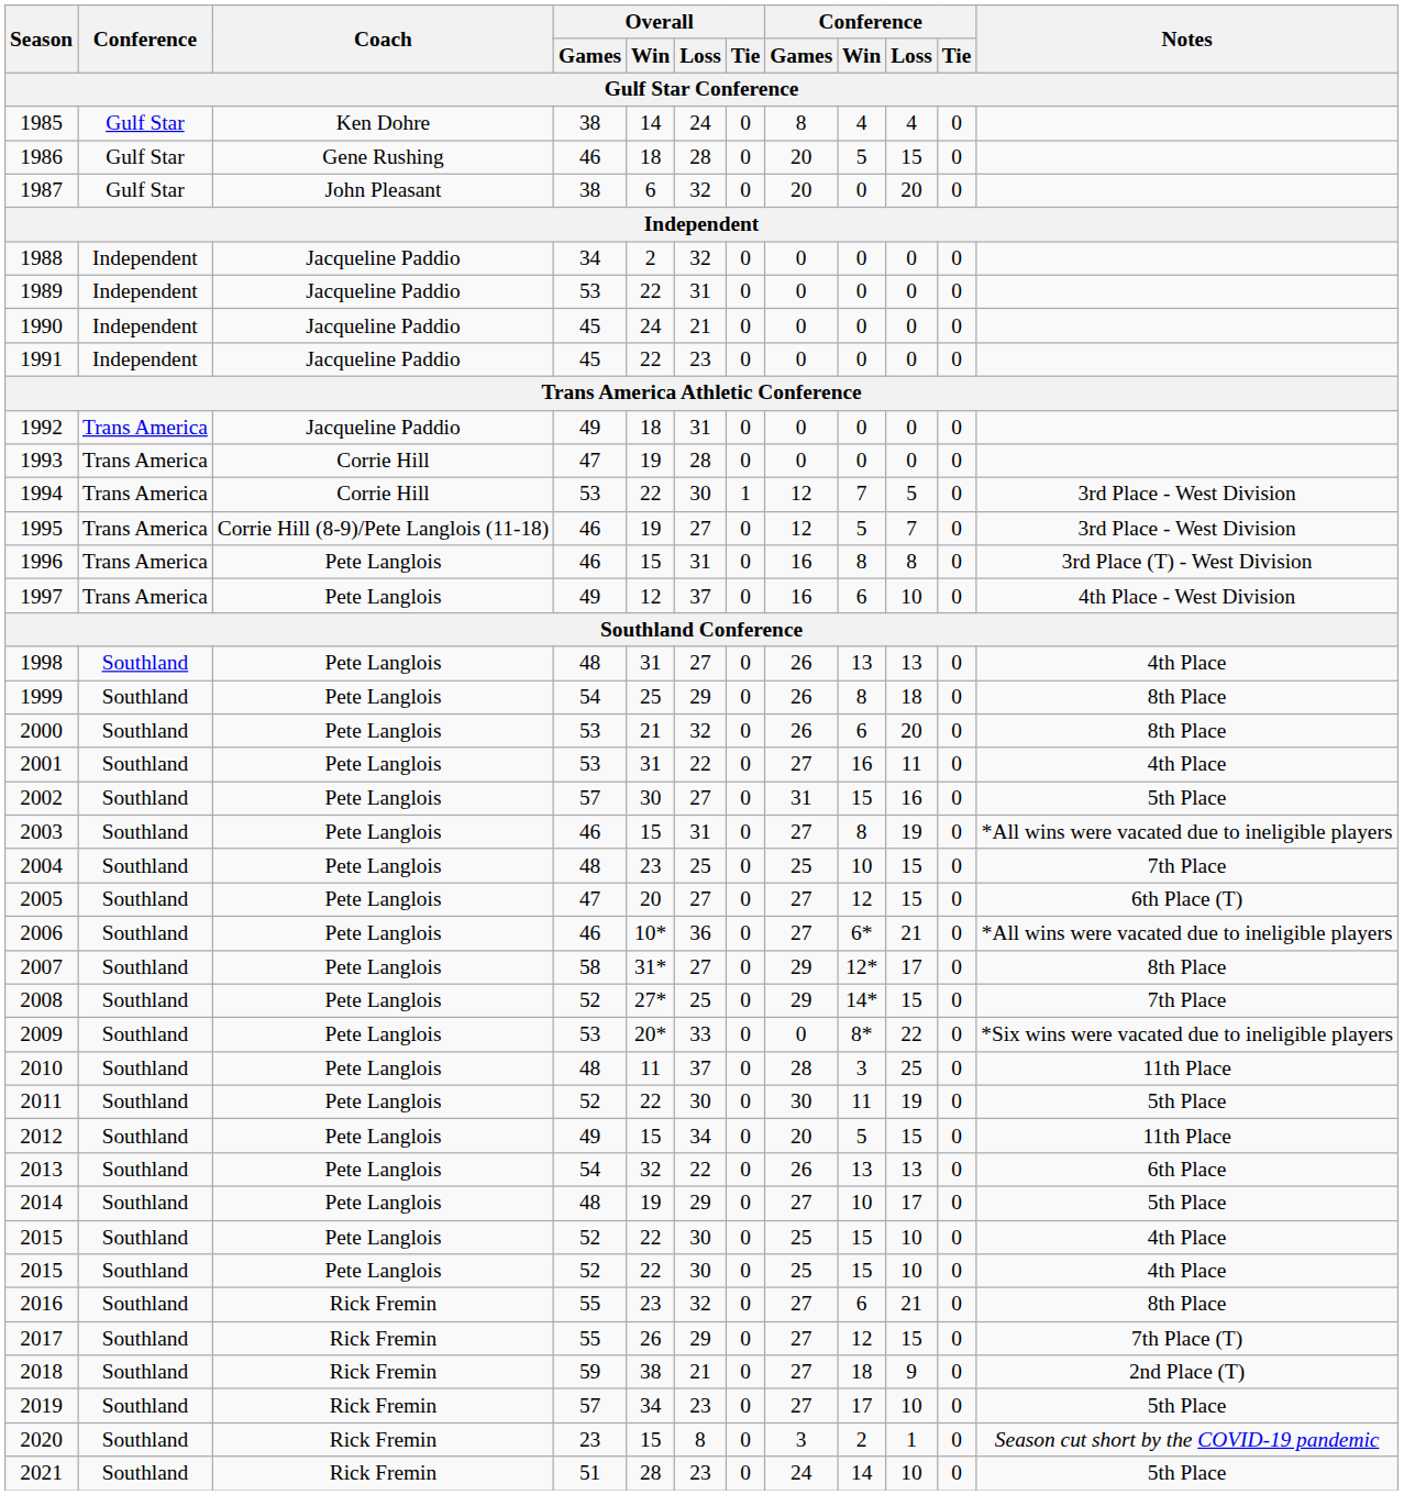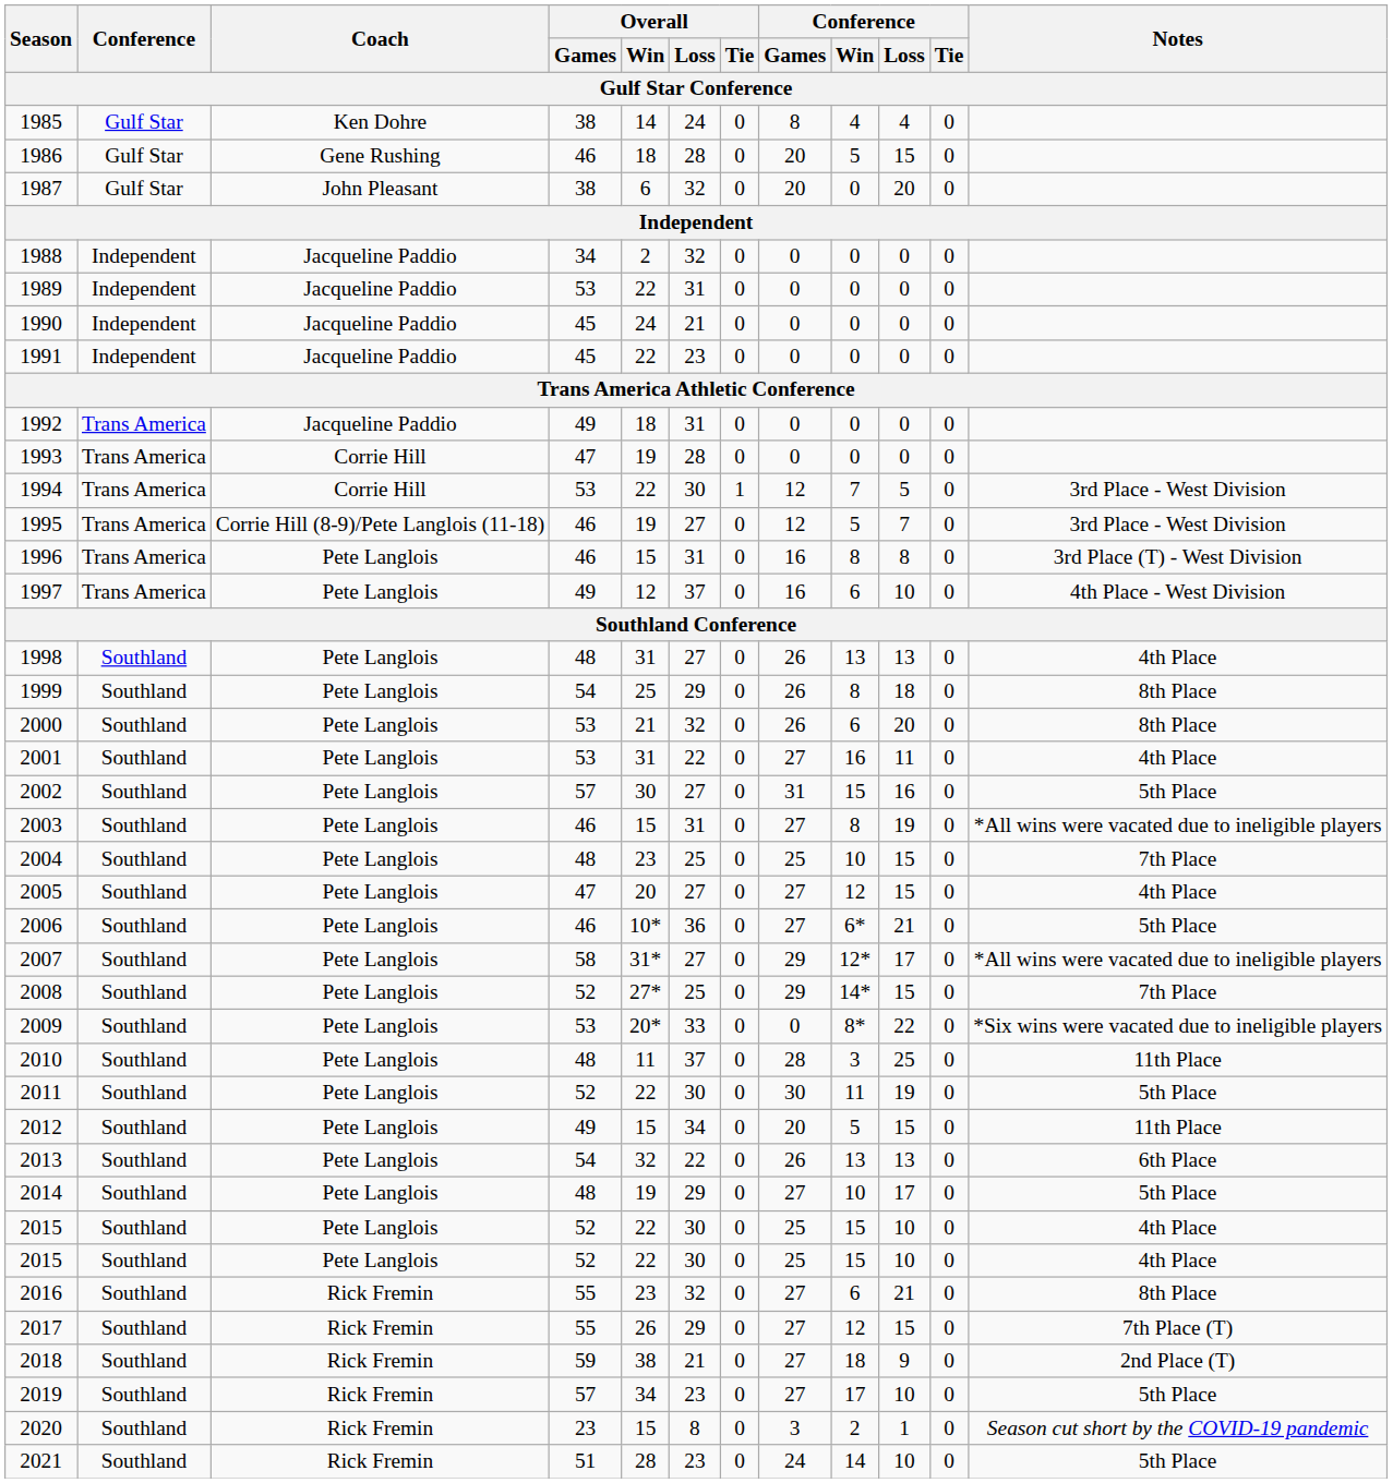 <table class="wikitable" style="text-align: center;">
 <tr>
 <th rowspan=2>Season</th>
 <th rowspan=2>Conference</th>
 <th rowspan=2>Coach</th>
 <th colspan="4">Overall</th>
 <th colspan="4">Conference</th>
 <th rowspan=2>Notes</th>
 </tr>
 <tr>
 <th>Games</th>
 <th>Win</th>
 <th>Loss</th>
 <th>Tie</th>
 <th>Games</th>
 <th>Win</th>
 <th>Loss</th>
 <th>Tie</th>
 </tr>
 <tr>
 <th colspan=12>Gulf Star Conference</th>
 </tr>
 <tr>
 <td>1985</td>
 <td><a href='#'>Gulf Star</a></td>
 <td>Ken Dohre</td>
 <td>38</td>
 <td>14</td>
 <td>24</td>
 <td>0</td>
 <td>8</td>
 <td>4</td>
 <td>4</td>
 <td>0</td>
 <td></td>
 </tr>
 <tr>
 <td>1986</td>
 <td>Gulf Star</td>
 <td>Gene Rushing</td>
 <td>46</td>
 <td>18</td>
 <td>28</td>
 <td>0</td>
 <td>20</td>
 <td>5</td>
 <td>15</td>
 <td>0</td>
 <td></td>
 </tr>
 <tr>
 <td>1987</td>
 <td>Gulf Star</td>
 <td>John Pleasant</td>
 <td>38</td>
 <td>6</td>
 <td>32</td>
 <td>0</td>
 <td>20</td>
 <td>0</td>
 <td>20</td>
 <td>0</td>
 <td></td>
 </tr>
 <tr>
 <th colspan=12>Independent</th>
 </tr>
 <tr>
 <td>1988</td>
 <td>Independent</td>
 <td>Jacqueline Paddio</td>
 <td>34</td>
 <td>2</td>
 <td>32</td>
 <td>0</td>
 <td>0</td>
 <td>0</td>
 <td>0</td>
 <td>0</td>
 <td></td>
 </tr>
 <tr>
 <td>1989</td>
 <td>Independent</td>
 <td>Jacqueline Paddio</td>
 <td>53</td>
 <td>22</td>
 <td>31</td>
 <td>0</td>
 <td>0</td>
 <td>0</td>
 <td>0</td>
 <td>0</td>
 <td></td>
 </tr>
 <tr>
 <td>1990</td>
 <td>Independent</td>
 <td>Jacqueline Paddio</td>
 <td>45</td>
 <td>24</td>
 <td>21</td>
 <td>0</td>
 <td>0</td>
 <td>0</td>
 <td>0</td>
 <td>0</td>
 <td></td>
 </tr>
 <tr>
 <td>1991</td>
 <td>Independent</td>
 <td>Jacqueline Paddio</td>
 <td>45</td>
 <td>22</td>
 <td>23</td>
 <td>0</td>
 <td>0</td>
 <td>0</td>
 <td>0</td>
 <td>0</td>
 <td></td>
 </tr>
 <tr>
 <th colspan=12>Trans America Athletic Conference</th>
 </tr>
 <tr>
 <td>1992</td>
 <td><a href='#'>Trans America</a></td>
 <td>Jacqueline Paddio</td>
 <td>49</td>
 <td>18</td>
 <td>31</td>
 <td>0</td>
 <td>0</td>
 <td>0</td>
 <td>0</td>
 <td>0</td>
 <td></td>
 </tr>
 <tr>
 <td>1993</td>
 <td>Trans America</td>
 <td>Corrie Hill</td>
 <td>47</td>
 <td>19</td>
 <td>28</td>
 <td>0</td>
 <td>0</td>
 <td>0</td>
 <td>0</td>
 <td>0</td>
 <td></td>
 </tr>
 <tr>
 <td>1994</td>
 <td>Trans America</td>
 <td>Corrie Hill</td>
 <td>53</td>
 <td>22</td>
 <td>30</td>
 <td>1</td>
 <td>12</td>
 <td>7</td>
 <td>5</td>
 <td>0</td>
 <td>3rd Place - West Division</td>
 </tr>
 <tr>
 <td>1995</td>
 <td>Trans America</td>
 <td>Corrie Hill (8-9)/Pete Langlois (11-18)</td>
 <td>46</td>
 <td>19</td>
 <td>27</td>
 <td>0</td>
 <td>12</td>
 <td>5</td>
 <td>7</td>
 <td>0</td>
 <td>3rd Place - West Division</td>
 </tr>
 <tr>
 <td>1996</td>
 <td>Trans America</td>
 <td>Pete Langlois</td>
 <td>46</td>
 <td>15</td>
 <td>31</td>
 <td>0</td>
 <td>16</td>
 <td>8</td>
 <td>8</td>
 <td>0</td>
 <td>3rd Place (T) - West Division</td>
 </tr>
 <tr>
 <td>1997</td>
 <td>Trans America</td>
 <td>Pete Langlois</td>
 <td>49</td>
 <td>12</td>
 <td>37</td>
 <td>0</td>
 <td>16</td>
 <td>6</td>
 <td>10</td>
 <td>0</td>
 <td>4th Place - West Division</td>
 </tr>
 <tr>
 <th colspan=12>Southland Conference</th>
 </tr>
 <tr>
 <td>1998</td>
 <td><a href='#'>Southland</a></td>
 <td>Pete Langlois</td>
 <td>48</td>
 <td>31</td>
 <td>27</td>
 <td>0</td>
 <td>26</td>
 <td>13</td>
 <td>13</td>
 <td>0</td>
 <td>4th Place</td>
 </tr>
 <tr>
 <td>1999</td>
 <td>Southland</td>
 <td>Pete Langlois</td>
 <td>54</td>
 <td>25</td>
 <td>29</td>
 <td>0</td>
 <td>26</td>
 <td>8</td>
 <td>18</td>
 <td>0</td>
 <td>8th Place</td>
 </tr>
 <tr>
 <td>2000</td>
 <td>Southland</td>
 <td>Pete Langlois</td>
 <td>53</td>
 <td>21</td>
 <td>32</td>
 <td>0</td>
 <td>26</td>
 <td>6</td>
 <td>20</td>
 <td>0</td>
 <td>8th Place</td>
 </tr>
 <tr>
 <td>2001</td>
 <td>Southland</td>
 <td>Pete Langlois</td>
 <td>53</td>
 <td>31</td>
 <td>22</td>
 <td>0</td>
 <td>27</td>
 <td>16</td>
 <td>11</td>
 <td>0</td>
 <td>4th Place</td>
 </tr>
 <tr>
 <td>2002</td>
 <td>Southland</td>
 <td>Pete Langlois</td>
 <td>57</td>
 <td>30</td>
 <td>27</td>
 <td>0</td>
 <td>31</td>
 <td>15</td>
 <td>16</td>
 <td>0</td>
 <td>5th Place</td>
 </tr>
 <tr>
 <td>2003</td>
 <td>Southland</td>
 <td>Pete Langlois</td>
 <td>46</td>
 <td>15</td>
 <td>31</td>
 <td>0</td>
 <td>27</td>
 <td>8</td>
 <td>19</td>
 <td>0</td>
 <td>*All wins were vacated due to ineligible players</td>
 </tr>
 <tr>
 <td>2004</td>
 <td>Southland</td>
 <td>Pete Langlois</td>
 <td>48</td>
 <td>23</td>
 <td>25</td>
 <td>0</td>
 <td>25</td>
 <td>10</td>
 <td>15</td>
 <td>0</td>
 <td>7th Place</td>
 </tr>
 <tr>
 <td>2005</td>
 <td>Southland</td>
 <td>Pete Langlois</td>
 <td>47</td>
 <td>20</td>
 <td>27</td>
 <td>0</td>
 <td>27</td>
 <td>12</td>
 <td>15</td>
 <td>0</td>
-<td>6th Place (T)</td>
+<td>4th Place</td>
 </tr>
 <tr>
 <td>2006</td>
 <td>Southland</td>
 <td>Pete Langlois</td>
 <td>46</td>
 <td>10*</td>
 <td>36</td>
 <td>0</td>
 <td>27</td>
 <td>6*</td>
 <td>21</td>
 <td>0</td>
-<td>*All wins were vacated due to ineligible players</td>
+<td>5th Place</td>
 </tr>
 <tr>
 <td>2007</td>
 <td>Southland</td>
 <td>Pete Langlois</td>
 <td>58</td>
 <td>31*</td>
 <td>27</td>
 <td>0</td>
 <td>29</td>
 <td>12*</td>
 <td>17</td>
 <td>0</td>
-<td>8th Place</td>
+<td>*All wins were vacated due to ineligible players</td>
 </tr>
 <tr>
 <td>2008</td>
 <td>Southland</td>
 <td>Pete Langlois</td>
 <td>52</td>
 <td>27*</td>
 <td>25</td>
 <td>0</td>
 <td>29</td>
 <td>14*</td>
 <td>15</td>
 <td>0</td>
 <td>7th Place</td>
 </tr>
 <tr>
 <td>2009</td>
 <td>Southland</td>
 <td>Pete Langlois</td>
 <td>53</td>
 <td>20*</td>
 <td>33</td>
 <td>0</td>
 <td>0</td>
 <td>8*</td>
 <td>22</td>
 <td>0</td>
 <td>*Six wins were vacated due to ineligible players</td>
 </tr>
 <tr>
 <td>2010</td>
 <td>Southland</td>
 <td>Pete Langlois</td>
 <td>48</td>
 <td>11</td>
 <td>37</td>
 <td>0</td>
 <td>28</td>
 <td>3</td>
 <td>25</td>
 <td>0</td>
 <td>11th Place</td>
 </tr>
 <tr>
 <td>2011</td>
 <td>Southland</td>
 <td>Pete Langlois</td>
 <td>52</td>
 <td>22</td>
 <td>30</td>
 <td>0</td>
 <td>30</td>
 <td>11</td>
 <td>19</td>
 <td>0</td>
 <td>5th Place</td>
 </tr>
 <tr>
 <td>2012</td>
 <td>Southland</td>
 <td>Pete Langlois</td>
 <td>49</td>
 <td>15</td>
 <td>34</td>
 <td>0</td>
 <td>20</td>
 <td>5</td>
 <td>15</td>
 <td>0</td>
 <td>11th Place</td>
 </tr>
 <tr>
 <td>2013</td>
 <td>Southland</td>
 <td>Pete Langlois</td>
 <td>54</td>
 <td>32</td>
 <td>22</td>
 <td>0</td>
 <td>26</td>
 <td>13</td>
 <td>13</td>
 <td>0</td>
 <td>6th Place</td>
 </tr>
 <tr>
 <td>2014</td>
 <td>Southland</td>
 <td>Pete Langlois</td>
 <td>48</td>
 <td>19</td>
 <td>29</td>
 <td>0</td>
 <td>27</td>
 <td>10</td>
 <td>17</td>
 <td>0</td>
 <td>5th Place</td>
 </tr>
 <tr>
 <td>2015</td>
 <td>Southland</td>
 <td>Pete Langlois</td>
 <td>52</td>
 <td>22</td>
 <td>30</td>
 <td>0</td>
 <td>25</td>
 <td>15</td>
 <td>10</td>
 <td>0</td>
 <td>4th Place</td>
 </tr>
 <tr>
 <td>2015</td>
 <td>Southland</td>
 <td>Pete Langlois</td>
 <td>52</td>
 <td>22</td>
 <td>30</td>
 <td>0</td>
 <td>25</td>
 <td>15</td>
 <td>10</td>
 <td>0</td>
 <td>4th Place</td>
 </tr>
 <tr>
 <td>2016</td>
 <td>Southland</td>
 <td>Rick Fremin</td>
 <td>55</td>
 <td>23</td>
 <td>32</td>
 <td>0</td>
 <td>27</td>
 <td>6</td>
 <td>21</td>
 <td>0</td>
 <td>8th Place</td>
 </tr>
 <tr>
 <td>2017</td>
 <td>Southland</td>
 <td>Rick Fremin</td>
 <td>55</td>
 <td>26</td>
 <td>29</td>
 <td>0</td>
 <td>27</td>
 <td>12</td>
 <td>15</td>
 <td>0</td>
 <td>7th Place (T)</td>
 </tr>
 <tr>
 <td>2018</td>
 <td>Southland</td>
 <td>Rick Fremin</td>
 <td>59</td>
 <td>38</td>
 <td>21</td>
 <td>0</td>
 <td>27</td>
 <td>18</td>
 <td>9</td>
 <td>0</td>
 <td>2nd Place (T)</td>
 </tr>
 <tr>
 <td>2019</td>
 <td>Southland</td>
 <td>Rick Fremin</td>
 <td>57</td>
 <td>34</td>
 <td>23</td>
 <td>0</td>
 <td>27</td>
 <td>17</td>
 <td>10</td>
 <td>0</td>
 <td>5th Place</td>
 </tr>
 <tr>
 <td>2020</td>
 <td>Southland</td>
 <td>Rick Fremin</td>
 <td>23</td>
 <td>15</td>
 <td>8</td>
 <td>0</td>
 <td>3</td>
 <td>2</td>
 <td>1</td>
 <td>0</td>
 <td><em>Season cut short by the <a href='#'>COVID-19 pandemic</a></em></td>
 </tr>
 <tr>
 <td>2021</td>
 <td>Southland</td>
 <td>Rick Fremin</td>
 <td>51</td>
 <td>28</td>
 <td>23</td>
 <td>0</td>
 <td>24</td>
 <td>14</td>
 <td>10</td>
 <td>0</td>
 <td>5th Place</td>
 </tr>
 </table>
